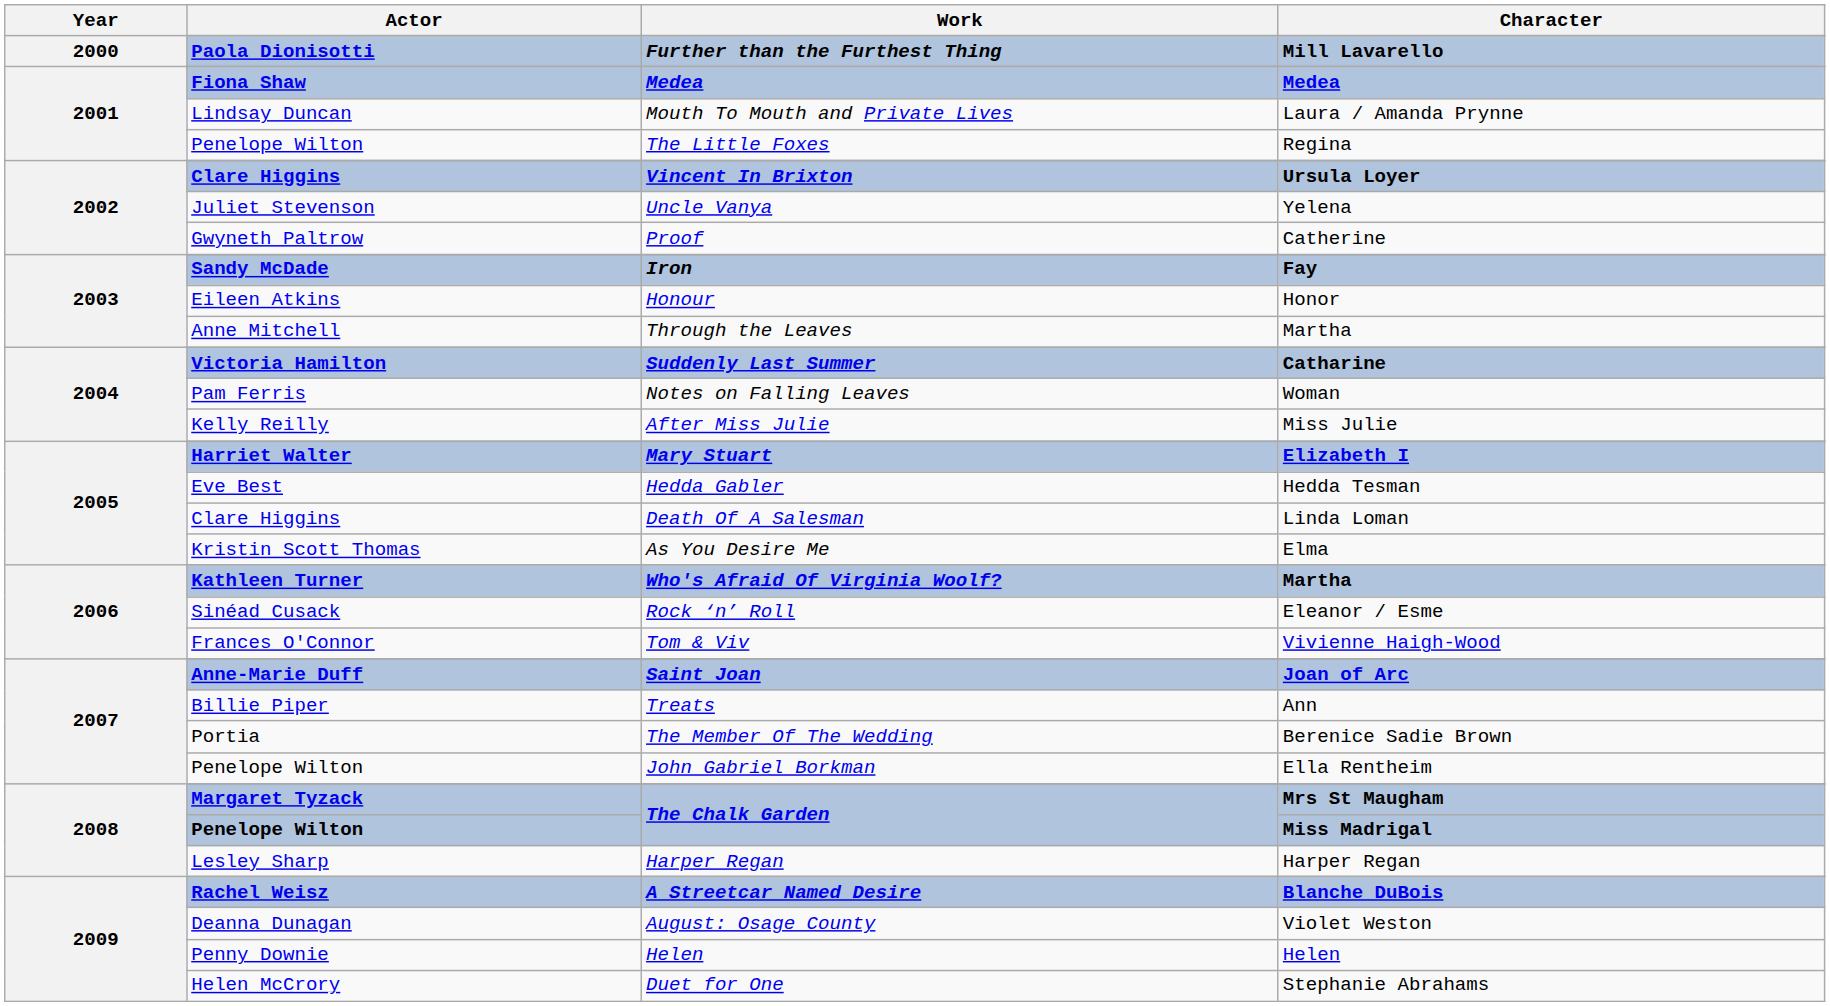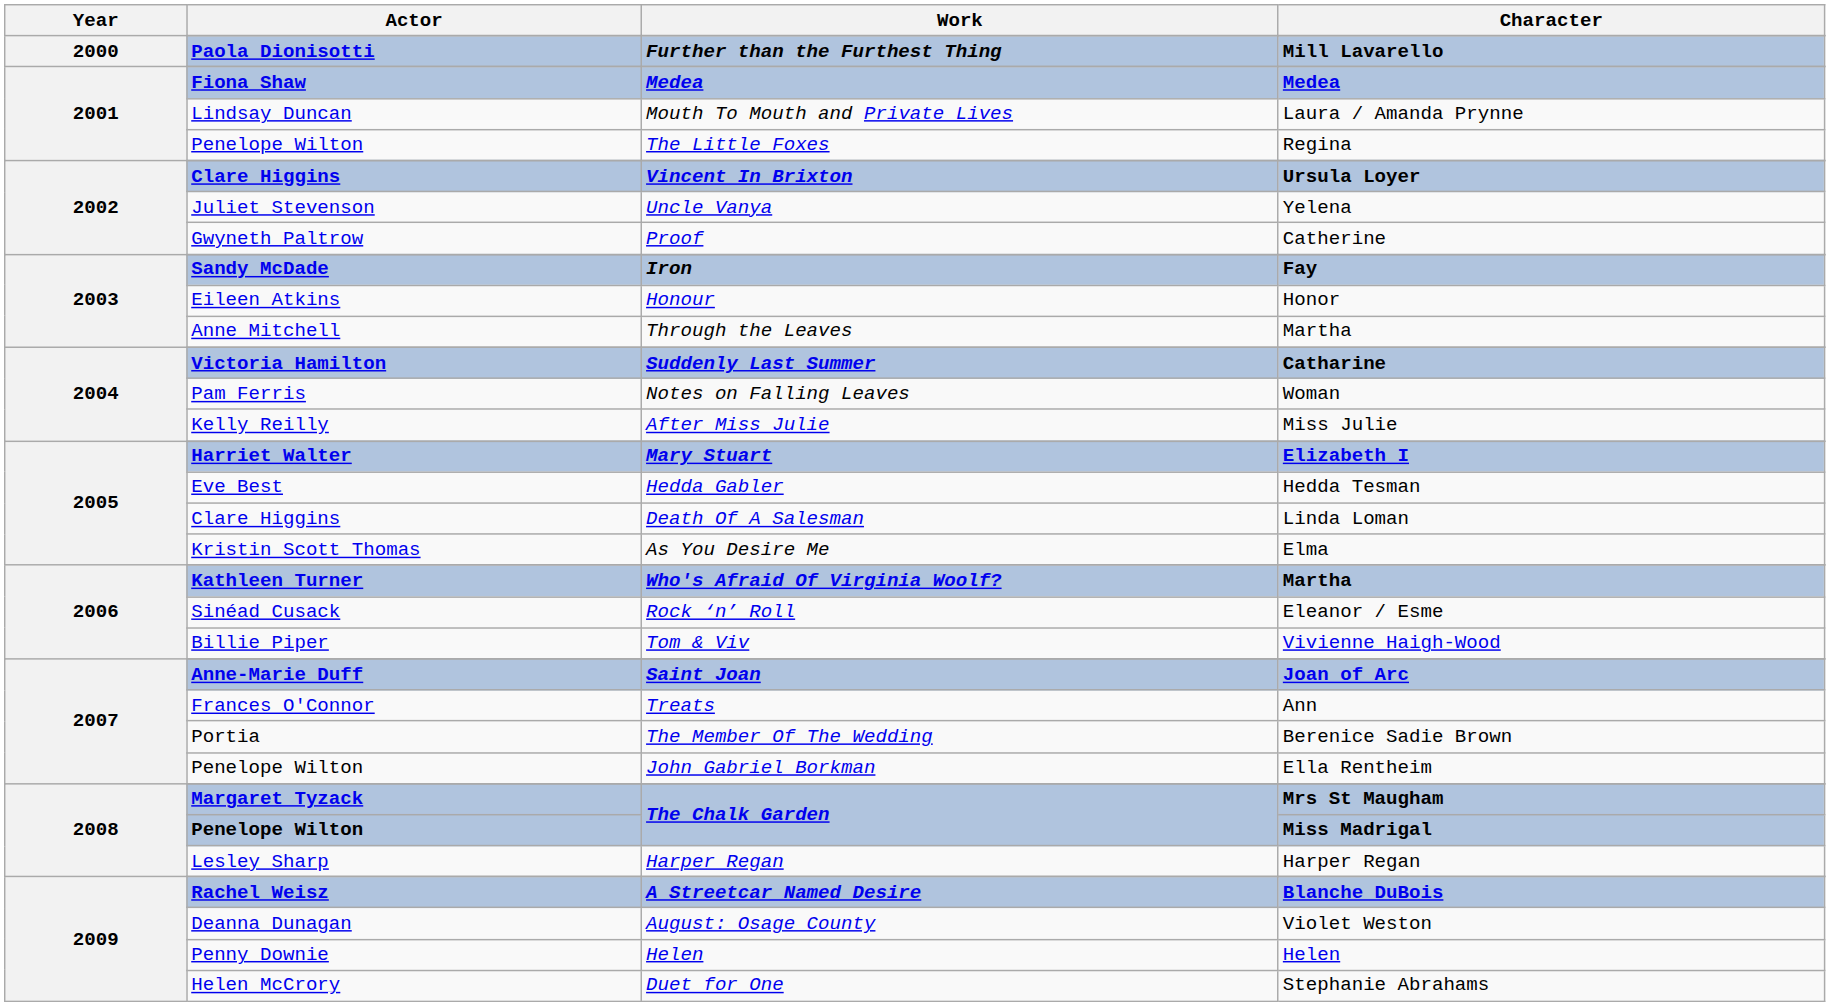 <table class="wikitable" style="width:98%;">
 <tr>
 <th style="width:10%;">Year</th>
 <th style="width:25%;">Actor</th>
 <th style="width:35%;">Work</th>
 <th style="width:30%;">Character</th>
 </tr>
 <tr>
 <th rowspan="2" align="center">2000</th>
 </tr>
 <tr style="background:#B0C4DE">
 <td><strong><a href='#'>Paola Dionisotti</a></strong></td>
 <td><strong><em>Further than the Furthest Thing</em></strong></td>
 <td><strong>Mill Lavarello</strong></td>
 </tr>
 <tr>
 <th rowspan="4" align="center">2001<br></th>
 </tr>
 <tr style="background:#B0C4DE">
 <td><strong><a href='#'>Fiona Shaw</a></strong></td>
 <td><strong><em><a href='#'>Medea</a></em></strong></td>
 <td><strong><a href='#'>Medea</a></strong></td>
 </tr>
 <tr>
 <td><a href='#'>Lindsay Duncan</a></td>
 <td><em>Mouth To Mouth and <a href='#'>Private Lives</a></em></td>
 <td>Laura / Amanda Prynne</td>
 </tr>
 <tr>
 <td><a href='#'>Penelope Wilton</a></td>
 <td><em><a href='#'>The Little Foxes</a></em></td>
 <td>Regina</td>
 </tr>
 <tr>
 <th rowspan="4" align="center">2002<br></th>
 </tr>
 <tr style="background:#B0C4DE">
 <td><strong><a href='#'>Clare Higgins</a></strong></td>
 <td><em><a href='#'><strong>Vincent In Brixton</strong></a></em></td>
 <td><strong>Ursula Loyer</strong></td>
 </tr>
 <tr>
 <td><a href='#'>Juliet Stevenson</a></td>
 <td><em><a href='#'>Uncle Vanya</a></em></td>
 <td>Yelena</td>
 </tr>
 <tr>
 <td><a href='#'>Gwyneth Paltrow</a></td>
 <td><em><a href='#'>Proof</a></em></td>
 <td>Catherine</td>
 </tr>
 <tr>
 <th rowspan="4" align="center">2003<br></th>
 </tr>
 <tr style="background:#B0C4DE">
 <td><strong><a href='#'>Sandy McDade</a></strong></td>
 <td><strong><em>Iron</em></strong></td>
 <td><strong>Fay</strong></td>
 </tr>
 <tr>
 <td><a href='#'>Eileen Atkins</a></td>
 <td><em><a href='#'>Honour</a></em></td>
 <td>Honor</td>
 </tr>
 <tr>
 <td><a href='#'>Anne Mitchell</a></td>
 <td><em>Through the Leaves</em></td>
 <td>Martha</td>
 </tr>
 <tr>
 <th rowspan="4" align="center">2004<br></th>
 </tr>
 <tr style="background:#B0C4DE">
 <td><strong><a href='#'>Victoria Hamilton</a></strong></td>
 <td><strong><em><a href='#'>Suddenly Last Summer</a></em></strong></td>
 <td><strong>Catharine</strong></td>
 </tr>
 <tr>
 <td><a href='#'>Pam Ferris</a></td>
 <td><em>Notes on Falling Leaves</em></td>
 <td>Woman</td>
 </tr>
 <tr>
 <td><a href='#'>Kelly Reilly</a></td>
 <td><em><a href='#'>After Miss Julie</a></em></td>
 <td>Miss Julie</td>
 </tr>
 <tr>
 <th rowspan="5" align="center">2005<br></th>
 </tr>
 <tr style="background:#B0C4DE">
 <td><strong><a href='#'>Harriet Walter</a></strong></td>
 <td><a href='#'><strong><em>Mary Stuart</em></strong></a></td>
 <td><strong><a href='#'>Elizabeth I</a></strong></td>
 </tr>
 <tr>
 <td><a href='#'>Eve Best</a></td>
 <td><em><a href='#'>Hedda Gabler</a></em></td>
 <td>Hedda Tesman</td>
 </tr>
 <tr>
 <td><a href='#'>Clare Higgins</a></td>
 <td><a href='#'><em>Death Of A Salesman</em></a></td>
 <td>Linda Loman</td>
 </tr>
 <tr>
 <td><a href='#'>Kristin Scott Thomas</a></td>
 <td><em>As You Desire Me</em></td>
 <td>Elma</td>
 </tr>
 <tr>
 <th rowspan="4" align="center">2006<br></th>
 </tr>
 <tr style="background:#B0C4DE">
 <td><strong><a href='#'>Kathleen Turner</a></strong></td>
 <td><strong><em><a href='#'>Who's Afraid Of Virginia Woolf?</a></em></strong></td>
 <td><strong>Martha</strong></td>
 </tr>
 <tr>
 <td><a href='#'>Sinéad Cusack</a></td>
 <td><em><a href='#'>Rock ‘n’ Roll</a></em></td>
 <td>Eleanor / Esme</td>
 </tr>
 <tr>
-<td><a href='#'>Frances O'Connor</a></td>
+<td><a href='#'>Billie Piper</a></td>
 <td><em><a href='#'>Tom & Viv</a></em></td>
 <td><a href='#'>Vivienne Haigh-Wood</a></td>
 </tr>
 <tr>
 <th rowspan="5" align="center">2007<br></th>
 </tr>
 <tr style="background:#B0C4DE">
 <td><strong><a href='#'>Anne-Marie Duff</a></strong></td>
 <td><strong><em><a href='#'>Saint Joan</a></em></strong></td>
 <td><strong><a href='#'>Joan of Arc</a></strong></td>
 </tr>
 <tr>
-<td><a href='#'>Billie Piper</a></td>
+<td><a href='#'>Frances O'Connor</a></td>
 <td><em><a href='#'>Treats</a></em></td>
 <td>Ann</td>
 </tr>
 <tr>
 <td>Portia</td>
 <td><em><a href='#'>The Member Of The Wedding</a></em></td>
 <td>Berenice Sadie Brown</td>
 </tr>
 <tr>
 <td>Penelope Wilton</td>
 <td><em><a href='#'>John Gabriel Borkman</a></em></td>
 <td>Ella Rentheim</td>
 </tr>
 <tr>
 <th rowspan="4" align="center">2008<br></th>
 </tr>
 <tr style="background:#B0C4DE">
 <td><strong><a href='#'>Margaret Tyzack</a></strong></td>
 <td rowspan="2"><strong><em><a href='#'>The Chalk Garden</a></em></strong></td>
 <td><strong>Mrs St Maugham</strong></td>
 </tr>
 <tr style="background:#B0C4DE">
 <td><strong>Penelope Wilton</strong></td>
 <td><strong>Miss Madrigal</strong></td>
 </tr>
 <tr>
 <td><a href='#'>Lesley Sharp</a></td>
 <td><em><a href='#'>Harper Regan</a></em></td>
 <td>Harper Regan</td>
 </tr>
 <tr>
 <th rowspan="5" align="center">2009<br></th>
 </tr>
 <tr style="background:#B0C4DE">
 <td><strong><a href='#'>Rachel Weisz</a></strong></td>
 <td><strong><em><a href='#'>A Streetcar Named Desire</a></em></strong></td>
 <td><strong><a href='#'>Blanche DuBois</a></strong></td>
 </tr>
 <tr>
 <td><a href='#'>Deanna Dunagan</a></td>
 <td><em><a href='#'>August: Osage County</a></em></td>
 <td>Violet Weston</td>
 </tr>
 <tr>
 <td><a href='#'>Penny Downie</a></td>
 <td><em><a href='#'>Helen</a></em></td>
 <td><a href='#'>Helen</a></td>
 </tr>
 <tr>
 <td><a href='#'>Helen McCrory</a></td>
 <td><em><a href='#'>Duet for One</a></em></td>
 <td>Stephanie Abrahams</td>
 </tr>
 </table>
